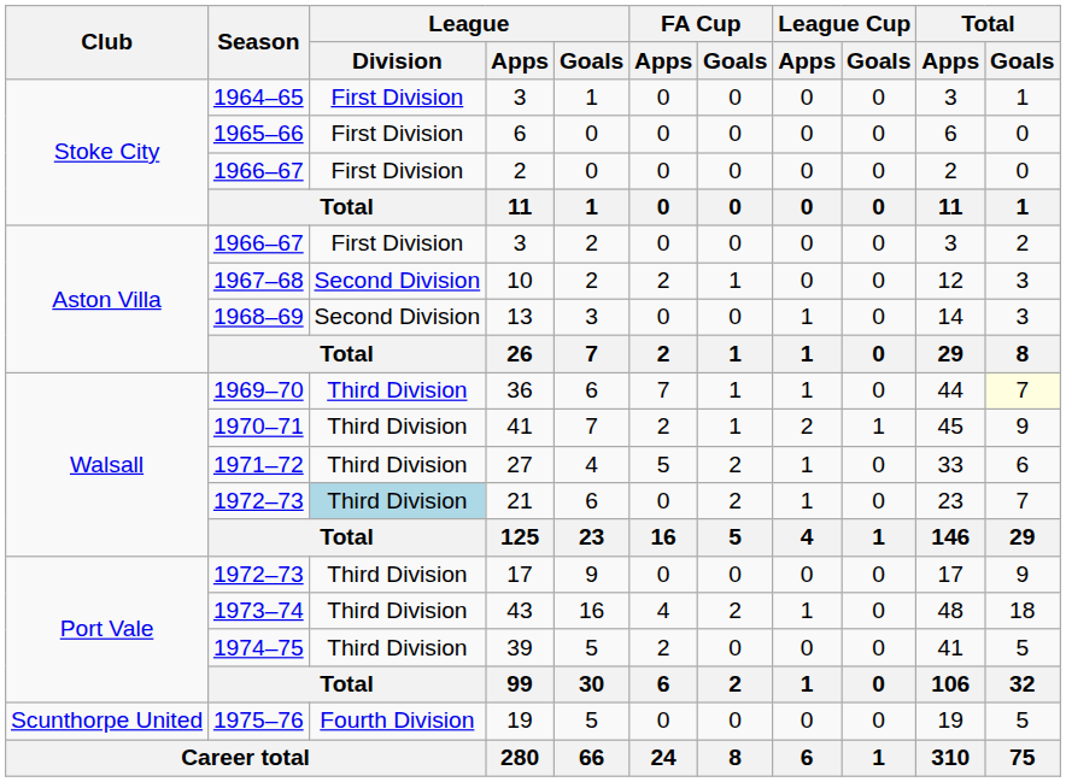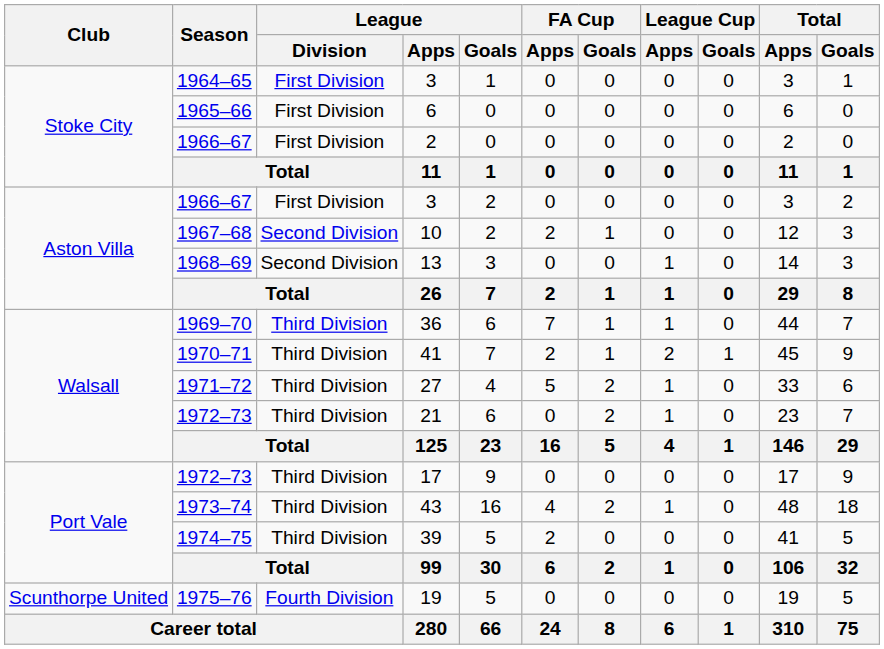 <table class="wikitable" style="text-align: center;">
 <tr>
 <th rowspan="2">Club</th>
 <th rowspan="2">Season</th>
 <th colspan="3">League</th>
 <th colspan="2">FA Cup</th>
 <th colspan="2">League Cup</th>
 <th colspan="2">Total</th>
 </tr>
 <tr>
 <th>Division</th>
 <th>Apps</th>
 <th>Goals</th>
 <th>Apps</th>
 <th>Goals</th>
 <th>Apps</th>
 <th>Goals</th>
 <th>Apps</th>
 <th>Goals</th>
 </tr>
 <tr>
 <td rowspan="4"><a href='#'>Stoke City</a></td>
 <td><a href='#'>1964–65</a></td>
 <td><a href='#'>First Division</a></td>
 <td>3</td>
 <td>1</td>
 <td>0</td>
 <td>0</td>
 <td>0</td>
 <td>0</td>
 <td>3</td>
 <td>1</td>
 </tr>
 <tr>
 <td><a href='#'>1965–66</a></td>
 <td>First Division</td>
 <td>6</td>
 <td>0</td>
 <td>0</td>
 <td>0</td>
 <td>0</td>
 <td>0</td>
 <td>6</td>
 <td>0</td>
 </tr>
 <tr>
 <td><a href='#'>1966–67</a></td>
 <td>First Division</td>
 <td>2</td>
 <td>0</td>
 <td>0</td>
 <td>0</td>
 <td>0</td>
 <td>0</td>
 <td>2</td>
 <td>0</td>
 </tr>
 <tr>
 <th colspan="2">Total</th>
 <th>11</th>
 <th>1</th>
 <th>0</th>
 <th>0</th>
 <th>0</th>
 <th>0</th>
 <th>11</th>
 <th>1</th>
 </tr>
 <tr>
 <td rowspan="4"><a href='#'>Aston Villa</a></td>
 <td><a href='#'>1966–67</a></td>
 <td>First Division</td>
 <td>3</td>
 <td>2</td>
 <td>0</td>
 <td>0</td>
 <td>0</td>
 <td>0</td>
 <td>3</td>
 <td>2</td>
 </tr>
 <tr>
 <td><a href='#'>1967–68</a></td>
 <td><a href='#'>Second Division</a></td>
 <td>10</td>
 <td>2</td>
 <td>2</td>
 <td>1</td>
 <td>0</td>
 <td>0</td>
 <td>12</td>
 <td>3</td>
 </tr>
 <tr>
 <td><a href='#'>1968–69</a></td>
 <td>Second Division</td>
 <td>13</td>
 <td>3</td>
 <td>0</td>
 <td>0</td>
 <td>1</td>
 <td>0</td>
 <td>14</td>
 <td>3</td>
 </tr>
 <tr>
 <th colspan="2">Total</th>
 <th>26</th>
 <th>7</th>
 <th>2</th>
 <th>1</th>
 <th>1</th>
 <th>0</th>
 <th>29</th>
 <th>8</th>
 </tr>
 <tr>
 <td rowspan="5"><a href='#'>Walsall</a></td>
 <td><a href='#'>1969–70</a></td>
 <td><a href='#'>Third Division</a></td>
 <td>36</td>
 <td>6</td>
 <td>7</td>
 <td>1</td>
 <td>1</td>
 <td>0</td>
 <td>44</td>
-<td style="background: lightyellow;">7</td>
+<td>7</td>
 </tr>
 <tr>
 <td><a href='#'>1970–71</a></td>
 <td>Third Division</td>
 <td>41</td>
 <td>7</td>
 <td>2</td>
 <td>1</td>
 <td>2</td>
 <td>1</td>
 <td>45</td>
 <td>9</td>
 </tr>
 <tr>
 <td><a href='#'>1971–72</a></td>
 <td>Third Division</td>
 <td>27</td>
 <td>4</td>
 <td>5</td>
 <td>2</td>
 <td>1</td>
 <td>0</td>
 <td>33</td>
 <td>6</td>
 </tr>
 <tr>
 <td><a href='#'>1972–73</a></td>
-<td style="background: lightblue;">Third Division</td>
+<td>Third Division</td>
 <td>21</td>
 <td>6</td>
 <td>0</td>
 <td>2</td>
 <td>1</td>
 <td>0</td>
 <td>23</td>
 <td>7</td>
 </tr>
 <tr>
 <th colspan="2">Total</th>
 <th>125</th>
 <th>23</th>
 <th>16</th>
 <th>5</th>
 <th>4</th>
 <th>1</th>
 <th>146</th>
 <th>29</th>
 </tr>
 <tr>
 <td rowspan="4"><a href='#'>Port Vale</a></td>
 <td><a href='#'>1972–73</a></td>
 <td>Third Division</td>
 <td>17</td>
 <td>9</td>
 <td>0</td>
 <td>0</td>
 <td>0</td>
 <td>0</td>
 <td>17</td>
 <td>9</td>
 </tr>
 <tr>
 <td><a href='#'>1973–74</a></td>
 <td>Third Division</td>
 <td>43</td>
 <td>16</td>
 <td>4</td>
 <td>2</td>
 <td>1</td>
 <td>0</td>
 <td>48</td>
 <td>18</td>
 </tr>
 <tr>
 <td><a href='#'>1974–75</a></td>
 <td>Third Division</td>
 <td>39</td>
 <td>5</td>
 <td>2</td>
 <td>0</td>
 <td>0</td>
 <td>0</td>
 <td>41</td>
 <td>5</td>
 </tr>
 <tr>
 <th colspan="2">Total</th>
 <th>99</th>
 <th>30</th>
 <th>6</th>
 <th>2</th>
 <th>1</th>
 <th>0</th>
 <th>106</th>
 <th>32</th>
 </tr>
 <tr>
 <td><a href='#'>Scunthorpe United</a></td>
 <td><a href='#'>1975–76</a></td>
 <td><a href='#'>Fourth Division</a></td>
 <td>19</td>
 <td>5</td>
 <td>0</td>
 <td>0</td>
 <td>0</td>
 <td>0</td>
 <td>19</td>
 <td>5</td>
 </tr>
 <tr>
 <th colspan="3">Career total</th>
 <th>280</th>
 <th>66</th>
 <th>24</th>
 <th>8</th>
 <th>6</th>
 <th>1</th>
 <th>310</th>
 <th>75</th>
 </tr>
 </table>
